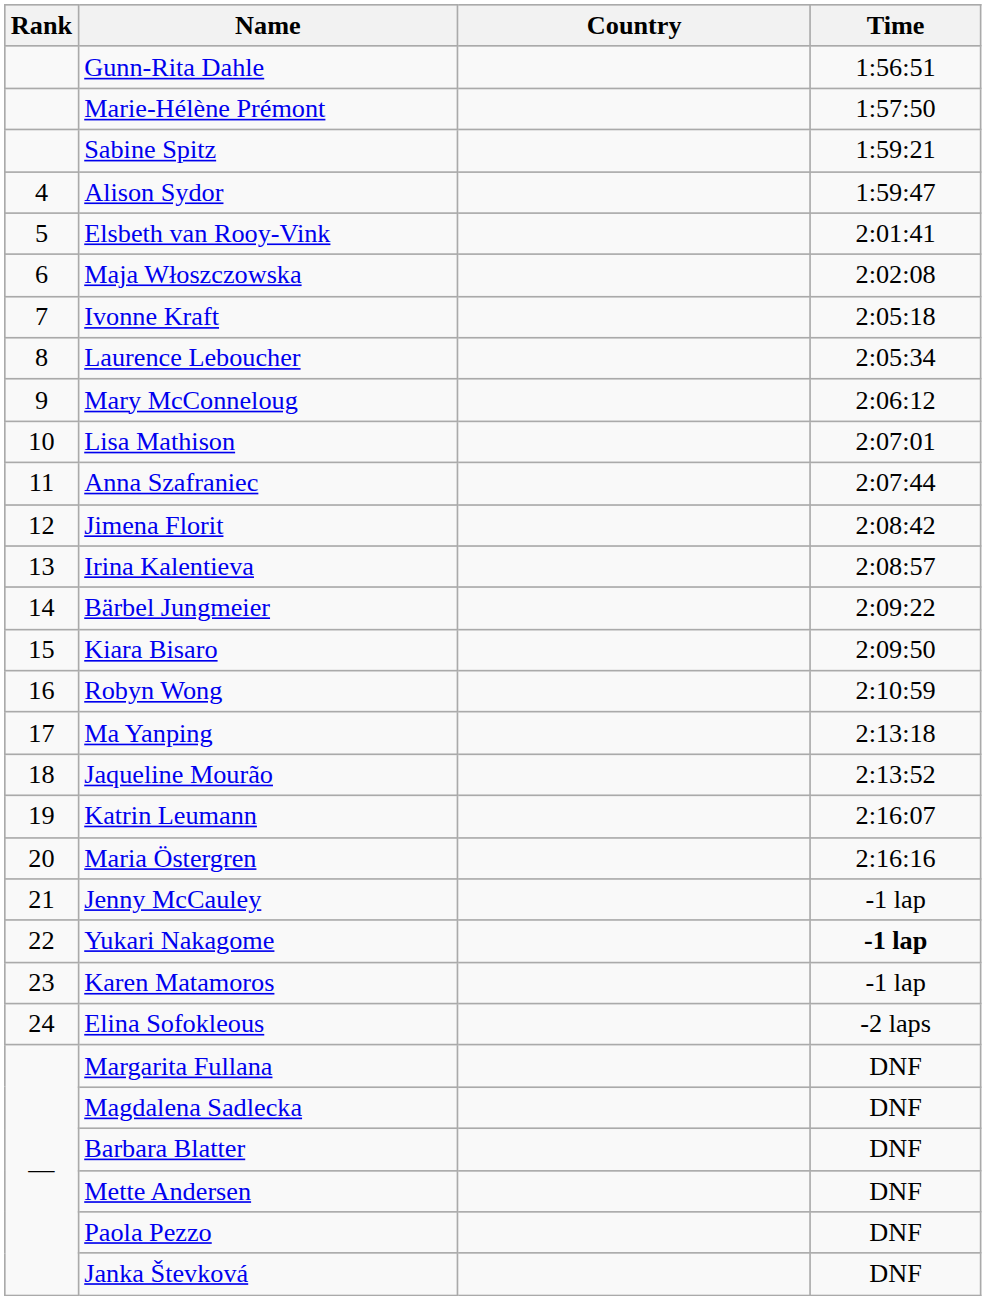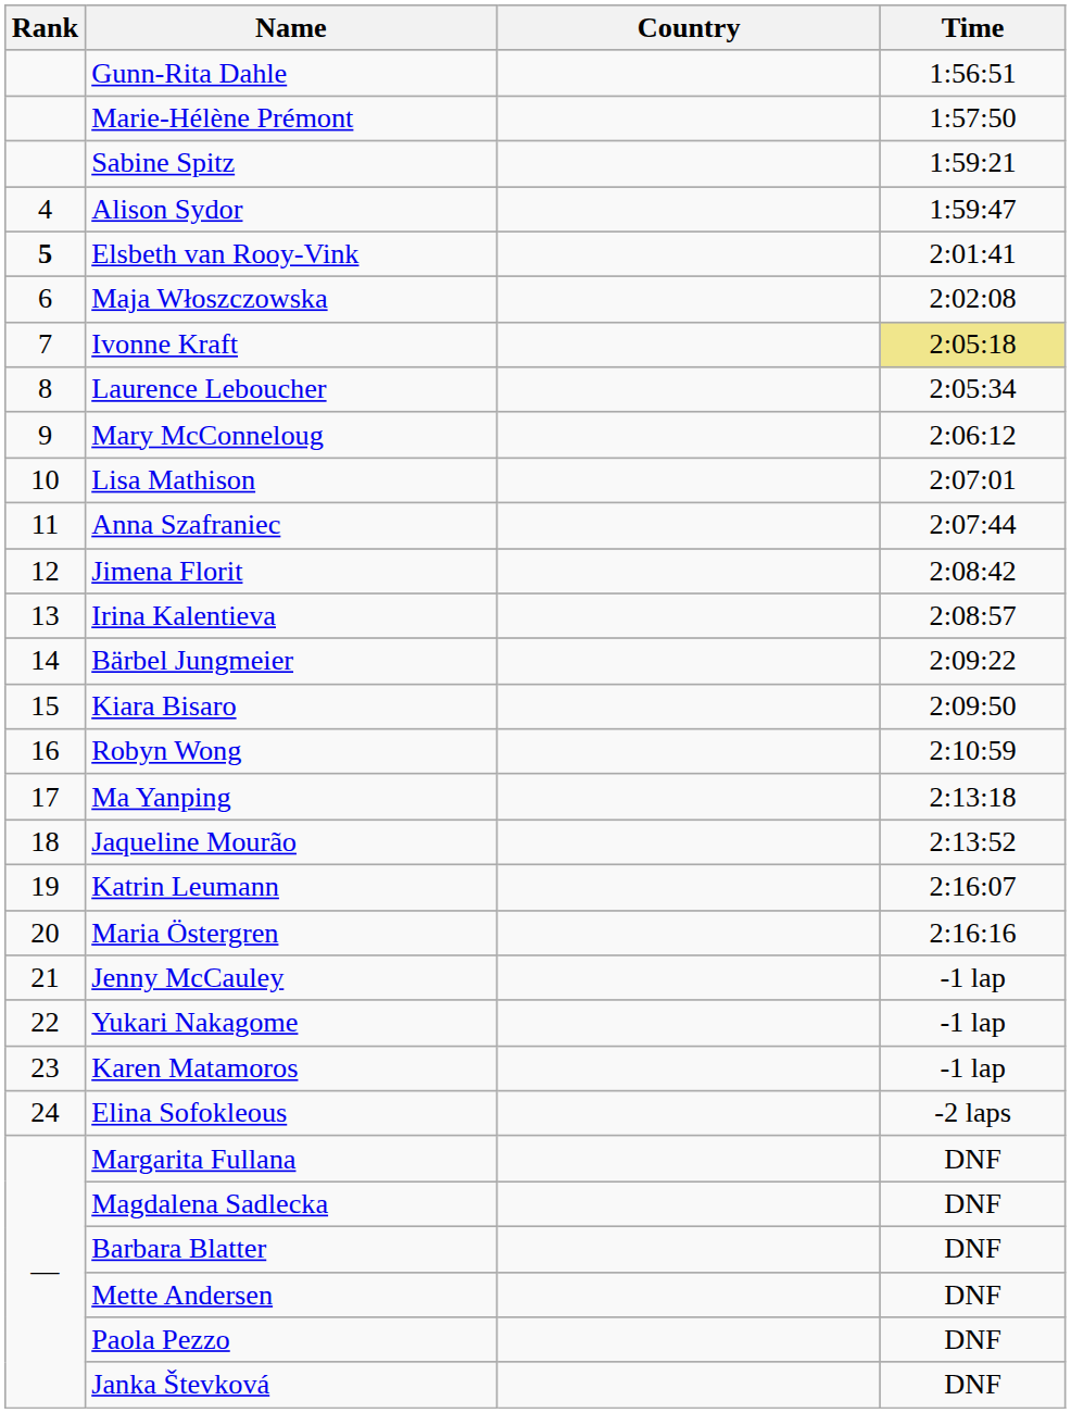 <table class="wikitable sortable" style="text-align:center;">
 <tr>
 <th>Rank</th>
 <th style="width:14em">Name</th>
 <th style="width:13em">Country</th>
 <th style="width:6em">Time</th>
 </tr>
 <tr>
 <td></td>
 <td align=left><a href='#'>Gunn-Rita Dahle</a></td>
 <td></td>
 <td>1:56:51</td>
 </tr>
 <tr>
 <td></td>
 <td align=left><a href='#'>Marie-Hélène Prémont</a></td>
 <td></td>
 <td>1:57:50</td>
 </tr>
 <tr>
 <td></td>
 <td align=left><a href='#'>Sabine Spitz</a></td>
 <td></td>
 <td>1:59:21</td>
 </tr>
 <tr>
 <td>4</td>
 <td align=left><a href='#'>Alison Sydor</a></td>
 <td></td>
 <td>1:59:47</td>
 </tr>
 <tr>
-<td>5</td>
+<td><strong>5</strong></td>
 <td align=left><a href='#'>Elsbeth van Rooy-Vink</a></td>
 <td></td>
 <td>2:01:41</td>
 </tr>
 <tr>
 <td>6</td>
 <td align=left><a href='#'>Maja Włoszczowska</a></td>
 <td></td>
 <td>2:02:08</td>
 </tr>
 <tr>
 <td>7</td>
 <td align=left><a href='#'>Ivonne Kraft</a></td>
 <td></td>
-<td>2:05:18</td>
+<td style="background: khaki;">2:05:18</td>
 </tr>
 <tr>
 <td>8</td>
 <td align=left><a href='#'>Laurence Leboucher</a></td>
 <td></td>
 <td>2:05:34</td>
 </tr>
 <tr>
 <td>9</td>
 <td align=left><a href='#'>Mary McConneloug</a></td>
 <td></td>
 <td>2:06:12</td>
 </tr>
 <tr>
 <td>10</td>
 <td align=left><a href='#'>Lisa Mathison</a></td>
 <td></td>
 <td>2:07:01</td>
 </tr>
 <tr>
 <td>11</td>
 <td align=left><a href='#'>Anna Szafraniec</a></td>
 <td></td>
 <td>2:07:44</td>
 </tr>
 <tr>
 <td>12</td>
 <td align=left><a href='#'>Jimena Florit</a></td>
 <td></td>
 <td>2:08:42</td>
 </tr>
 <tr>
 <td>13</td>
 <td align=left><a href='#'>Irina Kalentieva</a></td>
 <td></td>
 <td>2:08:57</td>
 </tr>
 <tr>
 <td>14</td>
 <td align=left><a href='#'>Bärbel Jungmeier</a></td>
 <td></td>
 <td>2:09:22</td>
 </tr>
 <tr>
 <td>15</td>
 <td align=left><a href='#'>Kiara Bisaro</a></td>
 <td></td>
 <td>2:09:50</td>
 </tr>
 <tr>
 <td>16</td>
 <td align=left><a href='#'>Robyn Wong</a></td>
 <td></td>
 <td>2:10:59</td>
 </tr>
 <tr>
 <td>17</td>
 <td align=left><a href='#'>Ma Yanping</a></td>
 <td></td>
 <td>2:13:18</td>
 </tr>
 <tr>
 <td>18</td>
 <td align=left><a href='#'>Jaqueline Mourão</a></td>
 <td></td>
 <td>2:13:52</td>
 </tr>
 <tr>
 <td>19</td>
 <td align=left><a href='#'>Katrin Leumann</a></td>
 <td></td>
 <td>2:16:07</td>
 </tr>
 <tr>
 <td>20</td>
 <td align=left><a href='#'>Maria Östergren</a></td>
 <td></td>
 <td>2:16:16</td>
 </tr>
 <tr>
 <td>21</td>
 <td align=left><a href='#'>Jenny McCauley</a></td>
 <td></td>
 <td>-1 lap</td>
 </tr>
 <tr>
 <td>22</td>
 <td align=left><a href='#'>Yukari Nakagome</a></td>
 <td></td>
-<td><strong>-1 lap</strong></td>
+<td>-1 lap</td>
 </tr>
 <tr>
 <td>23</td>
 <td align=left><a href='#'>Karen Matamoros</a></td>
 <td></td>
 <td>-1 lap</td>
 </tr>
 <tr>
 <td>24</td>
 <td align=left><a href='#'>Elina Sofokleous</a></td>
 <td></td>
 <td>-2 laps</td>
 </tr>
 <tr>
 <td rowspan=6>—</td>
 <td align=left><a href='#'>Margarita Fullana</a></td>
 <td></td>
 <td>DNF</td>
 </tr>
 <tr>
 <td align=left><a href='#'>Magdalena Sadlecka</a></td>
 <td></td>
 <td>DNF</td>
 </tr>
 <tr>
 <td align=left><a href='#'>Barbara Blatter</a></td>
 <td></td>
 <td>DNF</td>
 </tr>
 <tr>
 <td align=left><a href='#'>Mette Andersen</a></td>
 <td></td>
 <td>DNF</td>
 </tr>
 <tr>
 <td align=left><a href='#'>Paola Pezzo</a></td>
 <td></td>
 <td>DNF</td>
 </tr>
 <tr>
 <td align=left><a href='#'>Janka Števková</a></td>
 <td></td>
 <td>DNF</td>
 </tr>
 </table>
